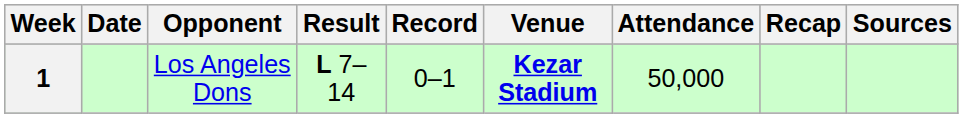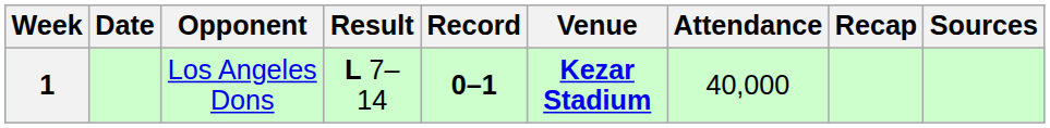 <table class="wikitable" style="text-align:center">
 <tr>
 <th>Week</th>
 <th>Date</th>
 <th>Opponent</th>
 <th>Result</th>
 <th>Record</th>
 <th>Venue</th>
 <th>Attendance</th>
 <th>Recap</th>
 <th>Sources</th>
 </tr>
 <tr style="background:#cfc">
 <th>1</th>
 <td></td>
 <td><a href='#'>Los Angeles Dons</a></td>
 <td><strong>L</strong> 7–14</td>
-<td>0–1</td>
+<td><strong>0–1</strong></td>
 <td><strong><a href='#'>Kezar Stadium</a></strong></td>
-<td>50,000</td>
+<td>40,000</td>
 <td></td>
 <td></td>
 </tr>
 </table>
